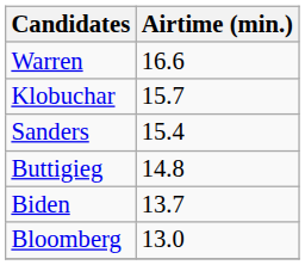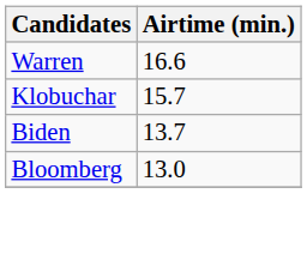 <table class="wikitable sortable" style="display:inline-table;line-height:16px;">
 <tr>
 <th>Candidates</th>
 <th>Airtime (min.)</th>
 </tr>
 <tr>
 <td><a href='#'>Warren</a></td>
 <td>16.6</td>
 </tr>
 <tr>
 <td><a href='#'>Klobuchar</a></td>
 <td>15.7</td>
 </tr>
 <tr>
-<td><a href='#'>Sanders</a></td>
-<td>15.4</td>
-</tr>
-<tr>
-<td><a href='#'>Buttigieg</a></td>
-<td>14.8</td>
-</tr>
-<tr>
 <td><a href='#'>Biden</a></td>
 <td>13.7</td>
 </tr>
 <tr>
 <td><a href='#'>Bloomberg</a></td>
 <td>13.0</td>
 </tr>
 <tr>
 </tr>
 </table>
